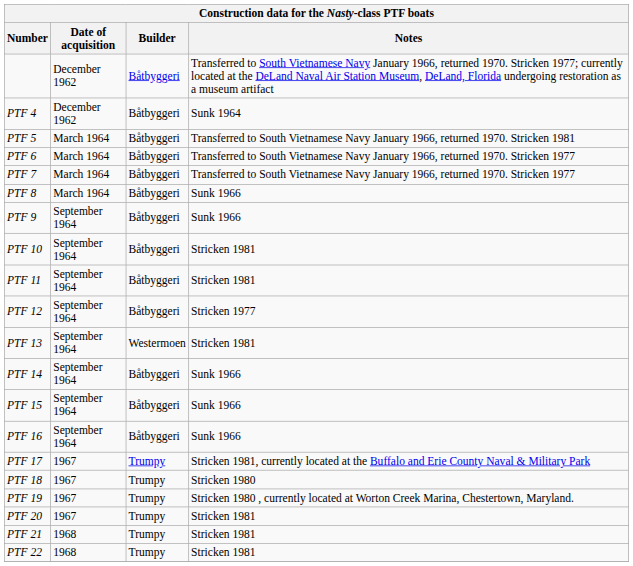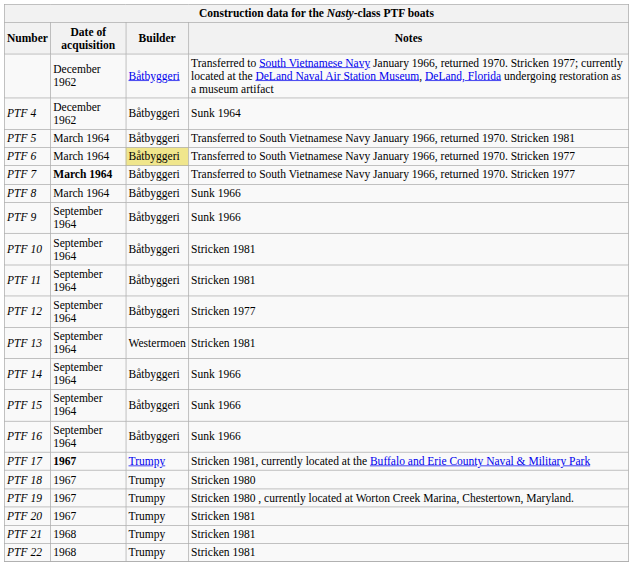 <table class="wikitable mw-collapsible mw-collapsed">
 <tr>
 <th colspan="4" align="center">Construction data for the <em>Nasty</em>-class PTF boats</th>
 </tr>
 <tr>
 <th>Number</th>
 <th>Date of acquisition</th>
 <th>Builder</th>
 <th>Notes </th>
 </tr>
 <tr>
 <td></td>
 <td>December 1962</td>
 <td><a href='#'>Båtbyggeri</a></td>
 <td>Transferred to <a href='#'>South Vietnamese Navy</a> January 1966, returned 1970. Stricken 1977; currently located at the <a href='#'>DeLand Naval Air Station Museum</a>, <a href='#'>DeLand, Florida</a> undergoing restoration as a museum artifact</td>
 </tr>
 <tr>
 <td><em>PTF 4</em></td>
 <td>December 1962</td>
 <td>Båtbyggeri</td>
 <td>Sunk 1964</td>
 </tr>
 <tr>
 <td><em>PTF 5</em></td>
 <td>March 1964</td>
 <td>Båtbyggeri</td>
 <td>Transferred to South Vietnamese Navy January 1966, returned 1970. Stricken 1981</td>
 </tr>
 <tr>
 <td><em>PTF 6</em></td>
 <td>March 1964</td>
-<td>Båtbyggeri</td>
+<td style="background: khaki;">Båtbyggeri</td>
 <td>Transferred to South Vietnamese Navy January 1966, returned 1970. Stricken 1977</td>
 </tr>
 <tr>
 <td><em>PTF 7</em></td>
-<td>March 1964</td>
+<td><strong>March 1964</strong></td>
 <td>Båtbyggeri</td>
 <td>Transferred to South Vietnamese Navy January 1966, returned 1970. Stricken 1977</td>
 </tr>
 <tr>
 <td><em>PTF 8</em></td>
 <td>March 1964</td>
 <td>Båtbyggeri</td>
 <td>Sunk 1966</td>
 </tr>
 <tr>
 <td><em>PTF 9</em></td>
 <td>September 1964</td>
 <td>Båtbyggeri</td>
 <td>Sunk 1966</td>
 </tr>
 <tr>
 <td><em>PTF 10</em></td>
 <td>September 1964</td>
 <td>Båtbyggeri</td>
 <td>Stricken 1981</td>
 </tr>
 <tr>
 <td><em>PTF 11</em></td>
 <td>September 1964</td>
 <td>Båtbyggeri</td>
 <td>Stricken 1981</td>
 </tr>
 <tr>
 <td><em>PTF 12</em></td>
 <td>September 1964</td>
 <td>Båtbyggeri</td>
 <td>Stricken 1977</td>
 </tr>
 <tr>
 <td><em>PTF 13</em></td>
 <td>September 1964</td>
 <td>Westermoen</td>
 <td>Stricken 1981</td>
 </tr>
 <tr>
 <td><em>PTF 14</em></td>
 <td>September 1964</td>
 <td>Båtbyggeri</td>
 <td>Sunk 1966</td>
 </tr>
 <tr>
 <td><em>PTF 15</em></td>
 <td>September 1964</td>
 <td>Båtbyggeri</td>
 <td>Sunk 1966</td>
 </tr>
 <tr>
 <td><em>PTF 16</em></td>
 <td>September 1964</td>
 <td>Båtbyggeri</td>
 <td>Sunk 1966</td>
 </tr>
 <tr>
 <td><em>PTF 17</em></td>
-<td>1967</td>
+<td><strong>1967</strong></td>
 <td><a href='#'>Trumpy</a></td>
 <td>Stricken 1981, currently located at the <a href='#'>Buffalo and Erie County Naval & Military Park</a></td>
 </tr>
 <tr>
 <td><em>PTF 18</em></td>
 <td>1967</td>
 <td>Trumpy</td>
 <td>Stricken 1980</td>
 </tr>
 <tr>
 <td><em>PTF 19</em></td>
 <td>1967</td>
 <td>Trumpy</td>
 <td>Stricken 1980 , currently located at Worton Creek Marina, Chestertown, Maryland.</td>
 </tr>
 <tr>
 <td><em>PTF 20</em></td>
 <td>1967</td>
 <td>Trumpy</td>
 <td>Stricken 1981</td>
 </tr>
 <tr>
 <td><em>PTF 21</em></td>
 <td>1968</td>
 <td>Trumpy</td>
 <td>Stricken 1981</td>
 </tr>
 <tr>
 <td><em>PTF 22</em></td>
 <td>1968</td>
 <td>Trumpy</td>
 <td>Stricken 1981</td>
 </tr>
 <tr>
 </tr>
 </table>
